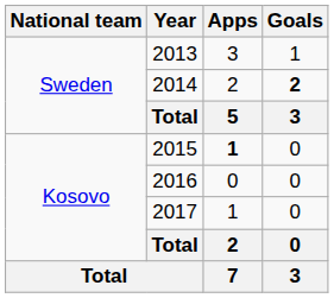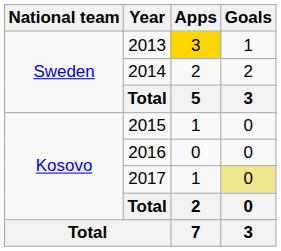 <table class="wikitable" style="text-align:center">
 <tr>
 <th>National team</th>
 <th>Year</th>
 <th>Apps</th>
 <th>Goals</th>
 </tr>
 <tr>
 <td rowspan="3"><a href='#'>Sweden</a></td>
 <td>2013</td>
-<td>3</td>
+<td style="background: gold;">3</td>
 <td>1</td>
 </tr>
 <tr>
 <td>2014</td>
 <td>2</td>
-<td><strong>2</strong></td>
+<td>2</td>
 </tr>
 <tr>
 <th>Total</th>
 <th>5</th>
 <th>3</th>
 </tr>
 <tr>
 <td rowspan="4"><a href='#'>Kosovo</a></td>
 <td>2015</td>
-<td><strong>1</strong></td>
+<td>1</td>
 <td>0</td>
 </tr>
 <tr>
 <td>2016</td>
 <td>0</td>
 <td>0</td>
 </tr>
 <tr>
 <td>2017</td>
 <td>1</td>
-<td>0</td>
+<td style="background: khaki;">0</td>
 </tr>
 <tr>
 <th>Total</th>
 <th>2</th>
 <th>0</th>
 </tr>
 <tr>
 <th colspan="2">Total</th>
 <th>7</th>
 <th>3</th>
 </tr>
 </table>
